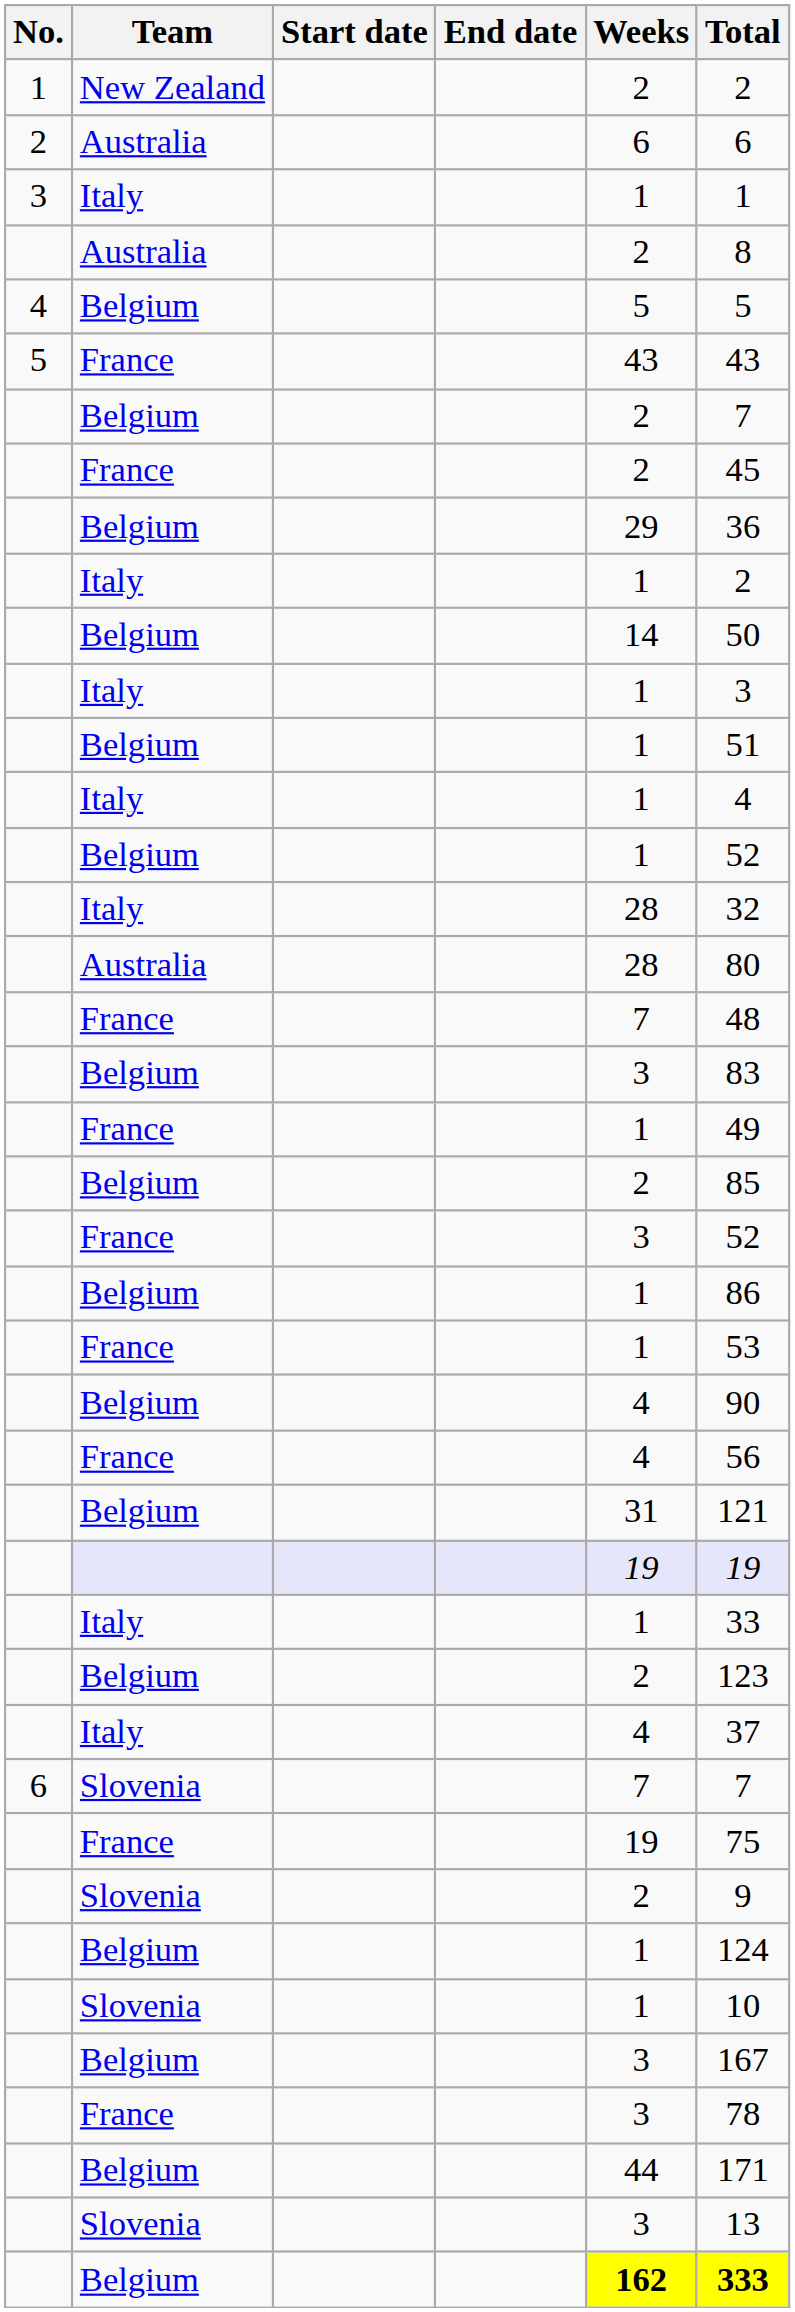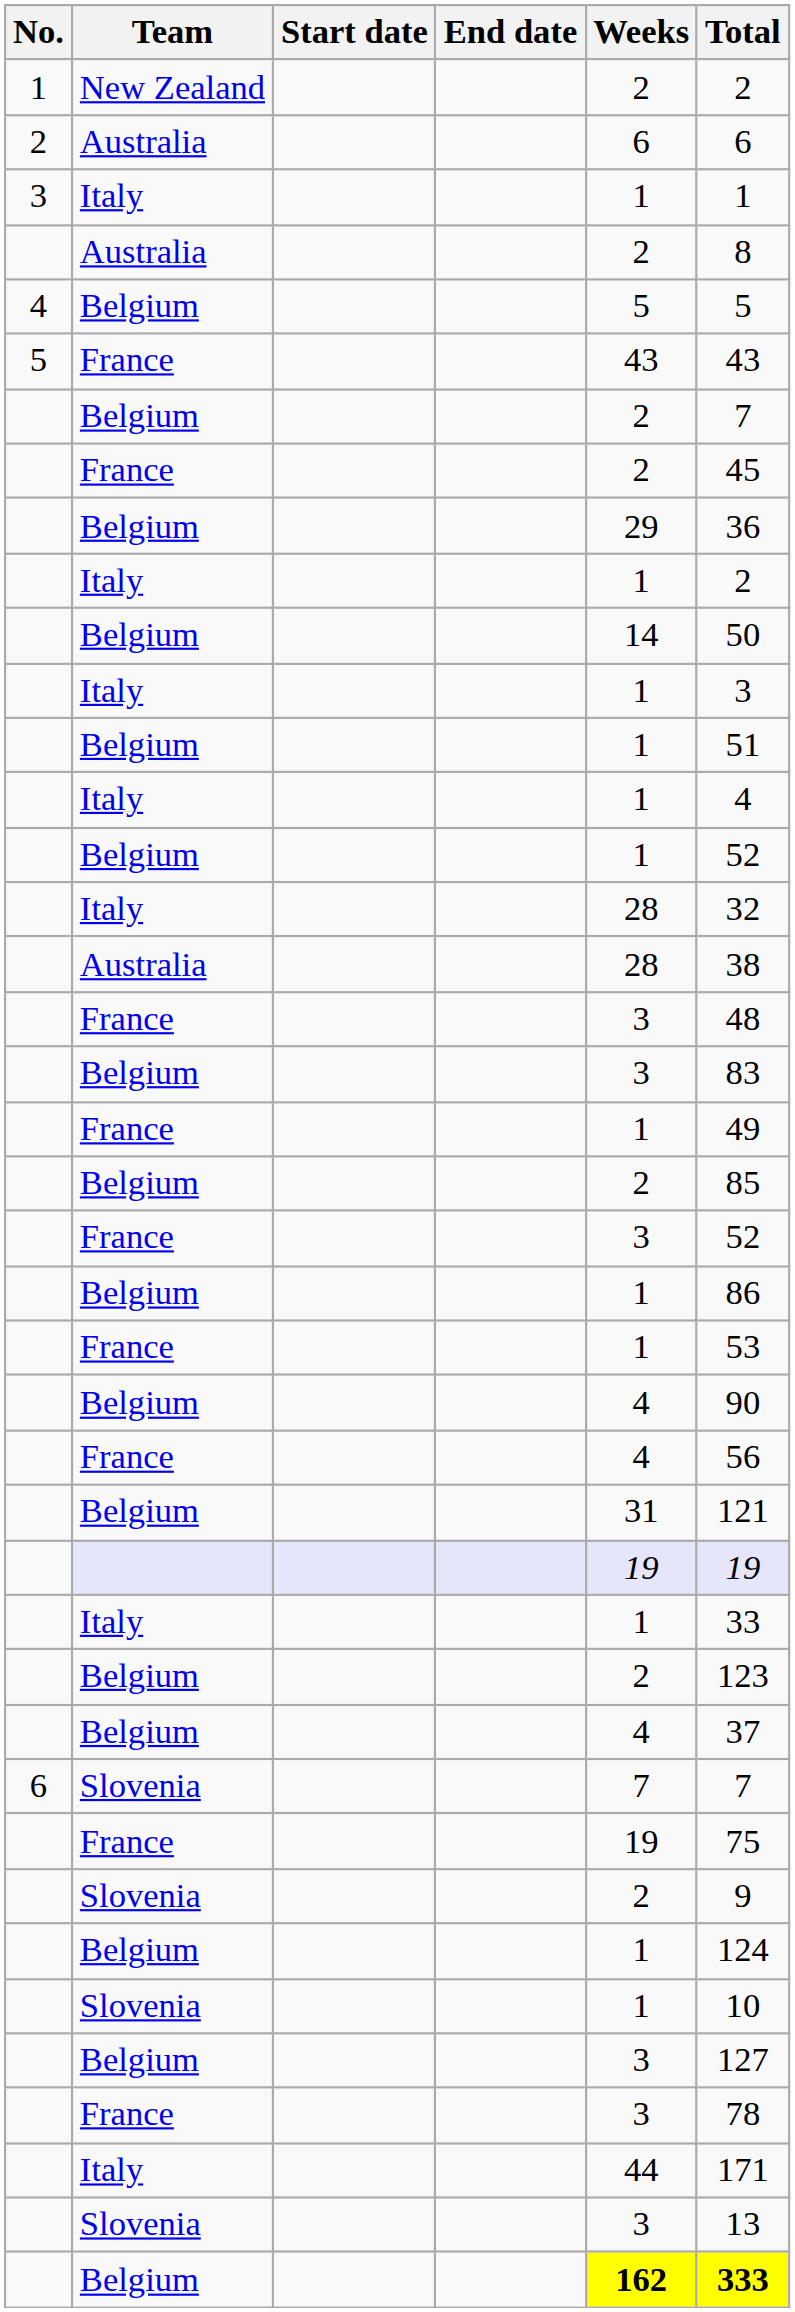 <table class="sortable wikitable" style="text-align:left;">
 <tr>
 <th>No.</th>
 <th>Team</th>
 <th>Start date</th>
 <th>End date</th>
 <th>Weeks</th>
 <th>Total</th>
 </tr>
 <tr>
 <td style="text-align:center">1</td>
 <td> <a href='#'>New Zealand</a></td>
 <td style="text-align:right"></td>
 <td style="text-align:right"></td>
 <td style="text-align:center">2</td>
 <td style="text-align:center">2</td>
 </tr>
 <tr>
 <td style="text-align:center">2</td>
 <td> <a href='#'>Australia</a></td>
 <td style="text-align:right"></td>
 <td style="text-align:right"></td>
 <td style="text-align:center">6</td>
 <td style="text-align:center">6</td>
 </tr>
 <tr>
 <td style="text-align:center">3</td>
 <td> <a href='#'>Italy</a></td>
 <td style="text-align:right"></td>
 <td style="text-align:right"></td>
 <td style="text-align:center">1</td>
 <td style="text-align:center">1</td>
 </tr>
 <tr>
 <td></td>
 <td> <a href='#'>Australia</a> </td>
 <td style="text-align:right"></td>
 <td style="text-align:right"></td>
 <td style="text-align:center">2</td>
 <td style="text-align:center">8</td>
 </tr>
 <tr>
 <td style="text-align:center">4</td>
 <td> <a href='#'>Belgium</a></td>
 <td style="text-align:right"></td>
 <td style="text-align:right"></td>
 <td style="text-align:center">5</td>
 <td style="text-align:center">5</td>
 </tr>
 <tr>
 <td style="text-align:center">5</td>
 <td> <a href='#'>France</a></td>
 <td style="text-align:right"></td>
 <td style="text-align:right"></td>
 <td style="text-align:center">43</td>
 <td style="text-align:center">43</td>
 </tr>
 <tr>
 <td></td>
 <td> <a href='#'>Belgium</a> </td>
 <td style="text-align:right"></td>
 <td style="text-align:right"></td>
 <td style="text-align:center">2</td>
 <td style="text-align:center">7</td>
 </tr>
 <tr>
 <td></td>
 <td> <a href='#'>France</a> </td>
 <td style="text-align:right"></td>
 <td style="text-align:right"></td>
 <td style="text-align:center">2</td>
 <td style="text-align:center">45</td>
 </tr>
 <tr>
 <td></td>
 <td> <a href='#'>Belgium</a> </td>
 <td style="text-align:right"></td>
 <td style="text-align:right"></td>
 <td style="text-align:center">29</td>
 <td style="text-align:center">36</td>
 </tr>
 <tr>
 <td></td>
 <td> <a href='#'>Italy</a> </td>
 <td style="text-align:right"></td>
 <td style="text-align:right"></td>
 <td style="text-align:center">1</td>
 <td style="text-align:center">2</td>
 </tr>
 <tr>
 <td></td>
 <td> <a href='#'>Belgium</a> </td>
 <td style="text-align:right"></td>
 <td style="text-align:right"></td>
 <td style="text-align:center">14</td>
 <td style="text-align:center">50</td>
 </tr>
 <tr>
 <td></td>
 <td> <a href='#'>Italy</a> </td>
 <td style="text-align:right"></td>
 <td style="text-align:right"></td>
 <td style="text-align:center">1</td>
 <td style="text-align:center">3</td>
 </tr>
 <tr>
 <td></td>
 <td> <a href='#'>Belgium</a> </td>
 <td style="text-align:right"></td>
 <td style="text-align:right"></td>
 <td style="text-align:center">1</td>
 <td style="text-align:center">51</td>
 </tr>
 <tr>
 <td></td>
 <td> <a href='#'>Italy</a> </td>
 <td style="text-align:right"></td>
 <td style="text-align:right"></td>
 <td style="text-align:center">1</td>
 <td style="text-align:center">4</td>
 </tr>
 <tr>
 <td></td>
 <td> <a href='#'>Belgium</a> </td>
 <td style="text-align:right"></td>
 <td style="text-align:right"></td>
 <td style="text-align:center">1</td>
 <td style="text-align:center">52</td>
 </tr>
 <tr>
 <td></td>
 <td> <a href='#'>Italy</a> </td>
 <td style="text-align:right"></td>
 <td style="text-align:right"></td>
 <td style="text-align:center">28</td>
 <td style="text-align:center">32</td>
 </tr>
 <tr>
 <td></td>
 <td> <a href='#'>Australia</a></td>
 <td style="text-align:right"></td>
 <td style="text-align:right"></td>
 <td style="text-align:center">28</td>
-<td style="text-align:center">80</td>
+<td style="text-align:center">38</td>
 </tr>
 <tr>
 <td></td>
 <td> <a href='#'>France</a> </td>
 <td style="text-align:right"></td>
 <td style="text-align:right"></td>
-<td style="text-align:center">7</td>
+<td style="text-align:center">3</td>
 <td style="text-align:center">48</td>
 </tr>
 <tr>
 <td></td>
 <td> <a href='#'>Belgium</a> </td>
 <td style="text-align:right"></td>
 <td style="text-align:right"></td>
 <td style="text-align:center">3</td>
 <td style="text-align:center">83</td>
 </tr>
 <tr>
 <td></td>
 <td> <a href='#'>France</a> </td>
 <td style="text-align:right"></td>
 <td style="text-align:right"></td>
 <td style="text-align:center">1</td>
 <td style="text-align:center">49</td>
 </tr>
 <tr>
 <td></td>
 <td> <a href='#'>Belgium</a> </td>
 <td style="text-align:right"></td>
 <td style="text-align:right"></td>
 <td style="text-align:center">2</td>
 <td style="text-align:center">85</td>
 </tr>
 <tr>
 <td></td>
 <td> <a href='#'>France</a> </td>
 <td style="text-align:right"></td>
 <td style="text-align:right"></td>
 <td style="text-align:center">3</td>
 <td style="text-align:center">52</td>
 </tr>
 <tr>
 <td></td>
 <td> <a href='#'>Belgium</a> </td>
 <td style="text-align:right"></td>
 <td style="text-align:right"></td>
 <td style="text-align:center">1</td>
 <td style="text-align:center">86</td>
 </tr>
 <tr>
 <td></td>
 <td> <a href='#'>France</a> </td>
 <td style="text-align:right"></td>
 <td style="text-align:right"></td>
 <td style="text-align:center">1</td>
 <td style="text-align:center">53</td>
 </tr>
 <tr>
 <td></td>
 <td> <a href='#'>Belgium</a> </td>
 <td style="text-align:right"></td>
 <td style="text-align:right"></td>
 <td style="text-align:center">4</td>
 <td style="text-align:center">90</td>
 </tr>
 <tr>
 <td></td>
 <td> <a href='#'>France</a> </td>
 <td style="text-align:right"></td>
 <td style="text-align:right"></td>
 <td style="text-align:center">4</td>
 <td style="text-align:center">56</td>
 </tr>
 <tr>
 <td></td>
 <td> <a href='#'>Belgium</a> </td>
 <td style="text-align:right"></td>
 <td style="text-align:right"></td>
 <td style="text-align:center">31</td>
 <td style="text-align:center">121</td>
 </tr>
 <tr>
 <td style="text-align:center"></td>
 <td scope="row" style="background-color: #e6e6fa"><strong><em></em></strong></td>
 <td scope="row" style="background-color: #e6e6fa; text-align:right"><em></em></td>
 <td scope="row" style="background-color: #e6e6fa; text-align:right"><em></em></td>
 <td scope="row" style="background-color: #e6e6fa; text-align:center"><em>19</em></td>
 <td scope="row" style="background-color: #e6e6fa; text-align:center"><em>19</em></td>
 </tr>
 <tr>
 <td></td>
 <td> <a href='#'>Italy</a> </td>
 <td style="text-align:right"></td>
 <td style="text-align:right"></td>
 <td style="text-align:center">1</td>
 <td style="text-align:center">33</td>
 </tr>
 <tr>
 <td></td>
 <td> <a href='#'>Belgium</a> </td>
 <td style="text-align:right"></td>
 <td style="text-align:right"></td>
 <td style="text-align:center">2</td>
 <td style="text-align:center">123</td>
 </tr>
 <tr>
 <td></td>
-<td> <a href='#'>Italy</a> </td>
+<td> <a href='#'>Belgium</a> </td>
 <td style="text-align:right"></td>
 <td style="text-align:right"></td>
 <td style="text-align:center">4</td>
 <td style="text-align:center">37</td>
 </tr>
 <tr>
 <td style="text-align:center">6</td>
 <td> <a href='#'>Slovenia</a></td>
 <td style="text-align:right"></td>
 <td style="text-align:right"></td>
 <td style="text-align:center">7</td>
 <td style="text-align:center">7</td>
 </tr>
 <tr>
 <td></td>
 <td> <a href='#'>France</a> </td>
 <td style="text-align:right"></td>
 <td style="text-align:right"></td>
 <td style="text-align:center">19</td>
 <td style="text-align:center">75</td>
 </tr>
 <tr>
 <td></td>
 <td> <a href='#'>Slovenia</a> </td>
 <td style="text-align:right"></td>
 <td style="text-align:right"></td>
 <td style="text-align:center">2</td>
 <td style="text-align:center">9</td>
 </tr>
 <tr>
 <td></td>
 <td> <a href='#'>Belgium</a> </td>
 <td style="text-align:right"></td>
 <td style="text-align:right"></td>
 <td style="text-align:center">1</td>
 <td style="text-align:center">124</td>
 </tr>
 <tr>
 <td></td>
 <td> <a href='#'>Slovenia</a> </td>
 <td style="text-align:right"></td>
 <td style="text-align:right"></td>
 <td style="text-align:center">1</td>
 <td style="text-align:center">10</td>
 </tr>
 <tr>
 <td></td>
 <td> <a href='#'>Belgium</a> </td>
 <td style="text-align:right"></td>
 <td style="text-align:right"></td>
 <td style="text-align:center">3</td>
-<td style="text-align:center">167</td>
+<td style="text-align:center">127</td>
 </tr>
 <tr>
 <td></td>
 <td> <a href='#'>France</a> </td>
 <td style="text-align:right"></td>
 <td style="text-align:right"></td>
 <td style="text-align:center">3</td>
 <td style="text-align:center">78</td>
 </tr>
 <tr>
 <td></td>
-<td> <a href='#'>Belgium</a> </td>
+<td> <a href='#'>Italy</a> </td>
 <td style="text-align:right"></td>
 <td style="text-align:right"></td>
 <td style="text-align:center">44</td>
 <td style="text-align:center">171</td>
 </tr>
 <tr>
 <td></td>
 <td> <a href='#'>Slovenia</a> </td>
 <td style="text-align:right"></td>
 <td style="text-align:right"></td>
 <td style="text-align:center">3</td>
 <td style="text-align:center">13</td>
 </tr>
 <tr>
 <td></td>
 <td> <a href='#'>Belgium</a> </td>
 <td style="text-align:right"></td>
 <td style="text-align:right"></td>
 <td style="background:yellow; text-align:center"><strong>162</strong></td>
 <td style="background:yellow; text-align:center"><strong>333</strong></td>
 </tr>
 </table>
